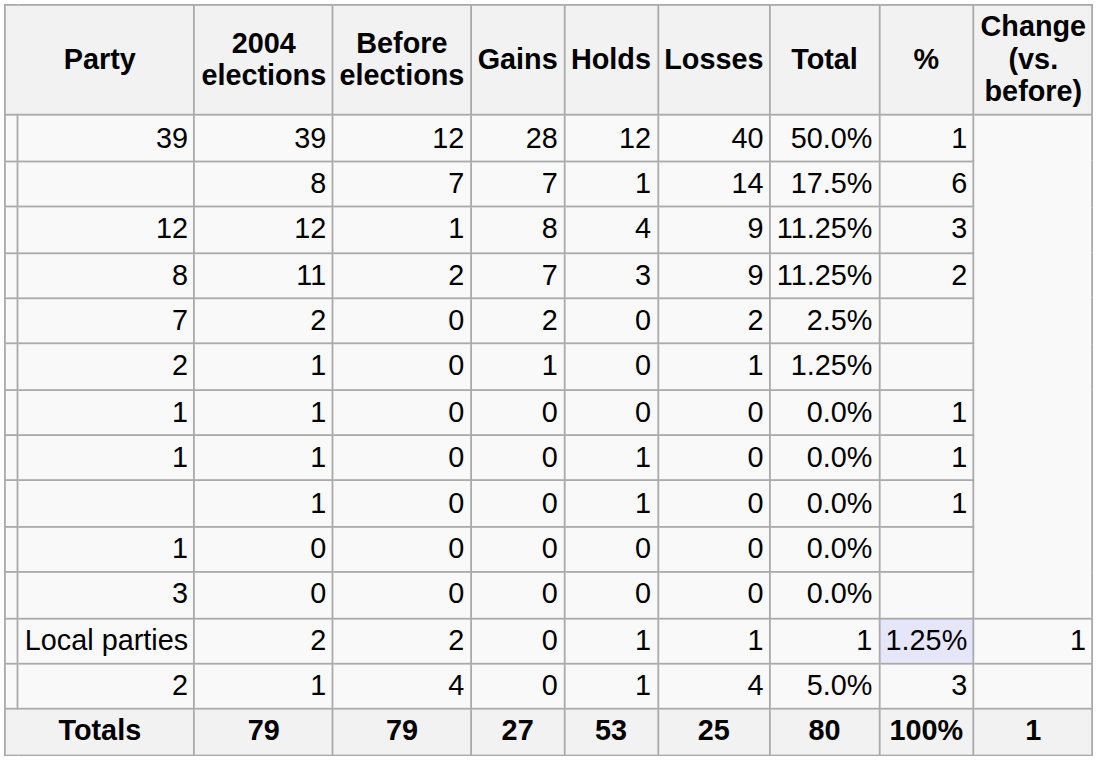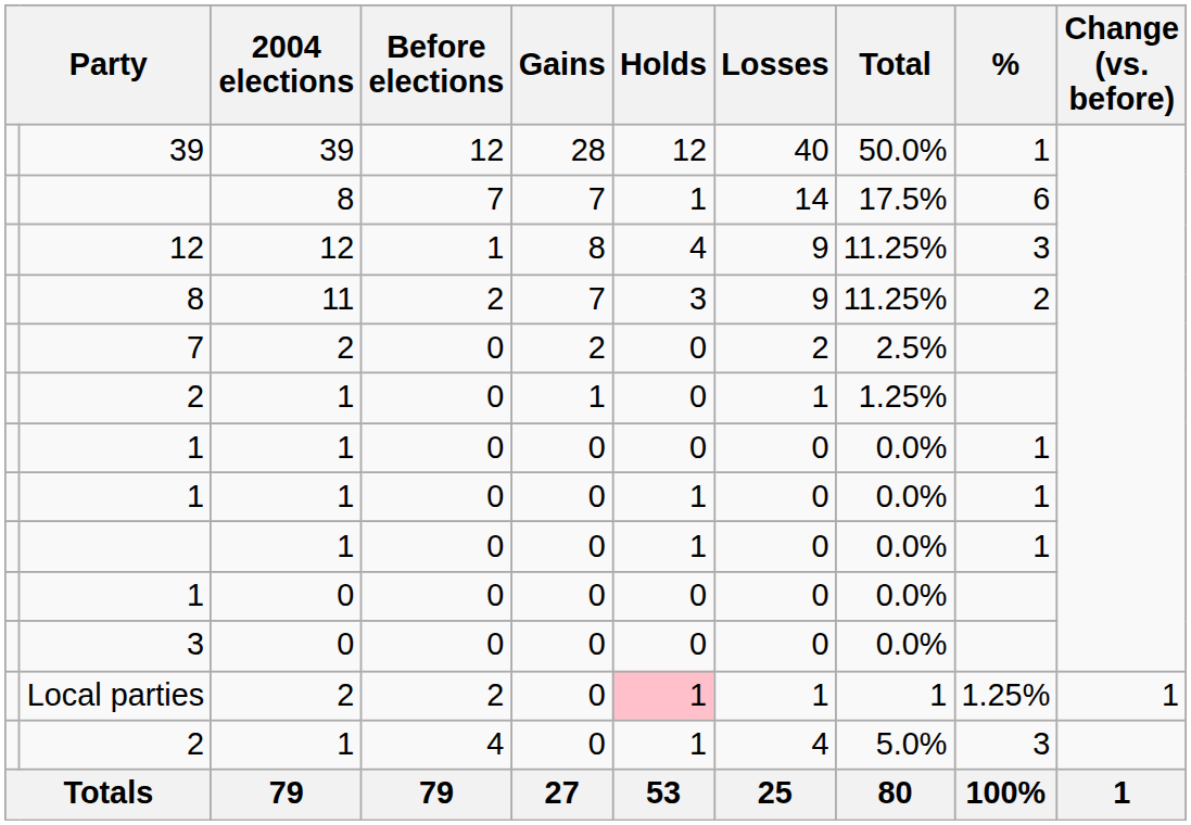 <table class=wikitable style="text-align:right">
 <tr>
 <th colspan=2>Party</th>
 <th width=40px>2004 elections</th>
 <th width=40px>Before elections</th>
 <th width=40px>Gains</th>
 <th width=40px>Holds</th>
 <th width=40px>Losses</th>
 <th width=40px>Total</th>
 <th width=40px>%</th>
 <th width=40px>Change (vs. before)</th>
 </tr>
 <tr>
 <td></td>
 <td>39</td>
 <td>39</td>
 <td>12</td>
 <td>28</td>
 <td>12</td>
 <td>40</td>
 <td>50.0%</td>
 <td> 1</td>
 </tr>
 <tr>
 <td></td>
 <td></td>
 <td>8</td>
 <td>7</td>
 <td>7</td>
 <td>1</td>
 <td>14</td>
 <td>17.5%</td>
 <td> 6</td>
 </tr>
 <tr>
 <td></td>
 <td>12</td>
 <td>12</td>
 <td>1</td>
 <td>8</td>
 <td>4</td>
 <td>9</td>
 <td>11.25%</td>
 <td> 3</td>
 </tr>
 <tr>
 <td></td>
 <td>8</td>
 <td>11</td>
 <td>2</td>
 <td>7</td>
 <td>3</td>
 <td>9</td>
 <td>11.25%</td>
 <td> 2</td>
 </tr>
 <tr>
 <td></td>
 <td>7</td>
 <td>2</td>
 <td>0</td>
 <td>2</td>
 <td>0</td>
 <td>2</td>
 <td>2.5%</td>
 <td></td>
 </tr>
 <tr>
 <td></td>
 <td>2</td>
 <td>1</td>
 <td>0</td>
 <td>1</td>
 <td>0</td>
 <td>1</td>
 <td>1.25%</td>
 <td></td>
 </tr>
 <tr>
 <td></td>
 <td>1</td>
 <td>1</td>
 <td>0</td>
 <td>0</td>
 <td>0</td>
 <td>0</td>
 <td>0.0%</td>
 <td> 1</td>
 </tr>
 <tr>
 <td></td>
 <td>1</td>
 <td>1</td>
 <td>0</td>
 <td>0</td>
 <td>1</td>
 <td>0</td>
 <td>0.0%</td>
 <td> 1</td>
 </tr>
 <tr>
 <td></td>
 <td></td>
 <td>1</td>
 <td>0</td>
 <td>0</td>
 <td>1</td>
 <td>0</td>
 <td>0.0%</td>
 <td> 1</td>
 </tr>
 <tr>
 <td></td>
 <td>1</td>
 <td>0</td>
 <td>0</td>
 <td>0</td>
 <td>0</td>
 <td>0</td>
 <td>0.0%</td>
 <td></td>
 </tr>
 <tr>
 <td></td>
 <td>3</td>
 <td>0</td>
 <td>0</td>
 <td>0</td>
 <td>0</td>
 <td>0</td>
 <td>0.0%</td>
 <td></td>
 </tr>
 <tr>
 <td></td>
 <td align=left>Local parties</td>
 <td>2</td>
 <td>2</td>
 <td>0</td>
+<td style="background: pink;">1</td>
 <td>1</td>
 <td>1</td>
-<td>1</td>
-<td style="background: lavender;">1.25%</td>
+<td>1.25%</td>
 <td> 1</td>
 </tr>
 <tr>
 <td></td>
 <td>2</td>
 <td>1</td>
 <td>4</td>
 <td>0</td>
 <td>1</td>
 <td>4</td>
 <td>5.0%</td>
 <td> 3</td>
 </tr>
 <tr>
 <th colspan=2>Totals</th>
 <th>79</th>
 <th>79</th>
 <th>27</th>
 <th>53</th>
 <th>25</th>
 <th>80</th>
 <th>100%</th>
 <th> 1</th>
 </tr>
 </table>
